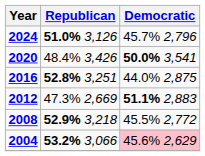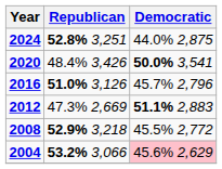 <table class="wikitable" style="float:right; margin: 1em 1em 1em 0; font-size: 95%;">
 <tr>
 <th>Year</th>
 <th><a href='#'>Republican</a></th>
 <th><a href='#'>Democratic</a></th>
 </tr>
 <tr>
 <td style="text-align:center; "><strong><a href='#'>2024</a></strong></td>
-<td style="text-align:center; "><strong>51.0%</strong> <em>3,126</em></td>
-<td style="text-align:center; ">45.7%  <em>2,796</em></td>
+<td style="text-align:center; "><strong>52.8%</strong> <em>3,251</em></td>
+<td style="text-align:center; ">44.0% <em>2,875</em></td>
 </tr>
 <tr>
 <td style="text-align:center; "><strong><a href='#'>2020</a></strong></td>
 <td style="text-align:center; ">48.4% <em>3,426</em></td>
 <td style="text-align:center; "><strong>50.0%</strong>  <em>3,541</em></td>
 </tr>
 <tr>
 <td style="text-align:center; "><strong><a href='#'>2016</a></strong></td>
-<td style="text-align:center; "><strong>52.8%</strong> <em>3,251</em></td>
-<td style="text-align:center; ">44.0% <em>2,875</em></td>
+<td style="text-align:center; "><strong>51.0%</strong> <em>3,126</em></td>
+<td style="text-align:center; ">45.7%  <em>2,796</em></td>
 </tr>
 <tr>
 <td style="text-align:center; "><strong><a href='#'>2012</a></strong></td>
 <td style="text-align:center; ">47.3% <em>2,669</em></td>
 <td style="text-align:center; "><strong>51.1%</strong>  <em>2,883</em></td>
 </tr>
 <tr>
 <td style="text-align:center; "><strong><a href='#'>2008</a></strong></td>
 <td style="text-align:center; "><strong>52.9%</strong> <em>3,218</em></td>
 <td style="text-align:center; ">45.5%  <em>2,772</em></td>
 </tr>
 <tr>
 <td style="text-align:center; "><strong><a href='#'>2004</a></strong></td>
 <td style="text-align:center; "><strong>53.2%</strong> <em>3,066</em></td>
 <td style="background: pink; text-align:center; ">45.6% <em>2,629</em></td>
 </tr>
 <tr>
 </tr>
 </table>
